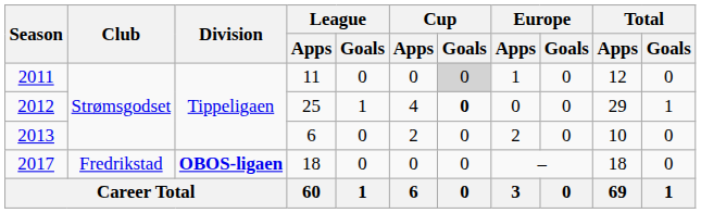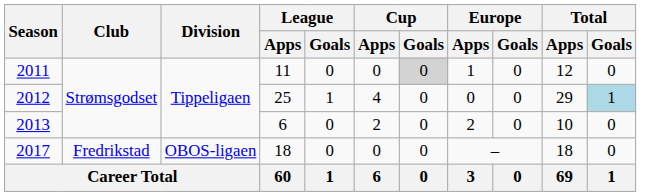 <table class="wikitable" style="text-align: center;">
 <tr>
 <th rowspan="2">Season</th>
 <th rowspan="2">Club</th>
 <th rowspan="2">Division</th>
 <th colspan="2">League</th>
 <th colspan="2">Cup</th>
 <th colspan="2">Europe</th>
 <th colspan="2">Total</th>
 </tr>
 <tr>
 <th>Apps</th>
 <th>Goals</th>
 <th>Apps</th>
 <th>Goals</th>
 <th>Apps</th>
 <th>Goals</th>
 <th>Apps</th>
 <th>Goals</th>
 </tr>
 <tr>
 <td><a href='#'>2011</a></td>
 <td rowspan="3" valign="center"><a href='#'>Strømsgodset</a></td>
 <td rowspan="3" valign="center"><a href='#'>Tippeligaen</a></td>
 <td>11</td>
 <td>0</td>
 <td>0</td>
 <td style="background: lightgrey;">0</td>
 <td>1</td>
 <td>0</td>
 <td>12</td>
 <td>0</td>
 </tr>
 <tr>
 <td><a href='#'>2012</a></td>
 <td>25</td>
 <td>1</td>
 <td>4</td>
-<td><strong>0</strong></td>
+<td>0</td>
 <td>0</td>
 <td>0</td>
 <td>29</td>
-<td>1</td>
+<td style="background: lightblue;">1</td>
 </tr>
 <tr>
 <td><a href='#'>2013</a></td>
 <td>6</td>
 <td>0</td>
 <td>2</td>
 <td>0</td>
 <td>2</td>
 <td>0</td>
 <td>10</td>
 <td>0</td>
 </tr>
 <tr>
 <td><a href='#'>2017</a></td>
 <td rowspan="1" valign="center"><a href='#'>Fredrikstad</a></td>
-<td rowspan="1" valign="center"><strong><a href='#'>OBOS-ligaen</a></strong></td>
+<td rowspan="1" valign="center"><a href='#'>OBOS-ligaen</a></td>
 <td>18</td>
 <td>0</td>
 <td>0</td>
 <td>0</td>
 <td colspan="2">–</td>
 <td>18</td>
 <td>0</td>
 </tr>
 <tr>
 <th colspan="3">Career Total</th>
 <th>60</th>
 <th>1</th>
 <th>6</th>
 <th>0</th>
 <th>3</th>
 <th>0</th>
 <th>69</th>
 <th>1</th>
 </tr>
 </table>
